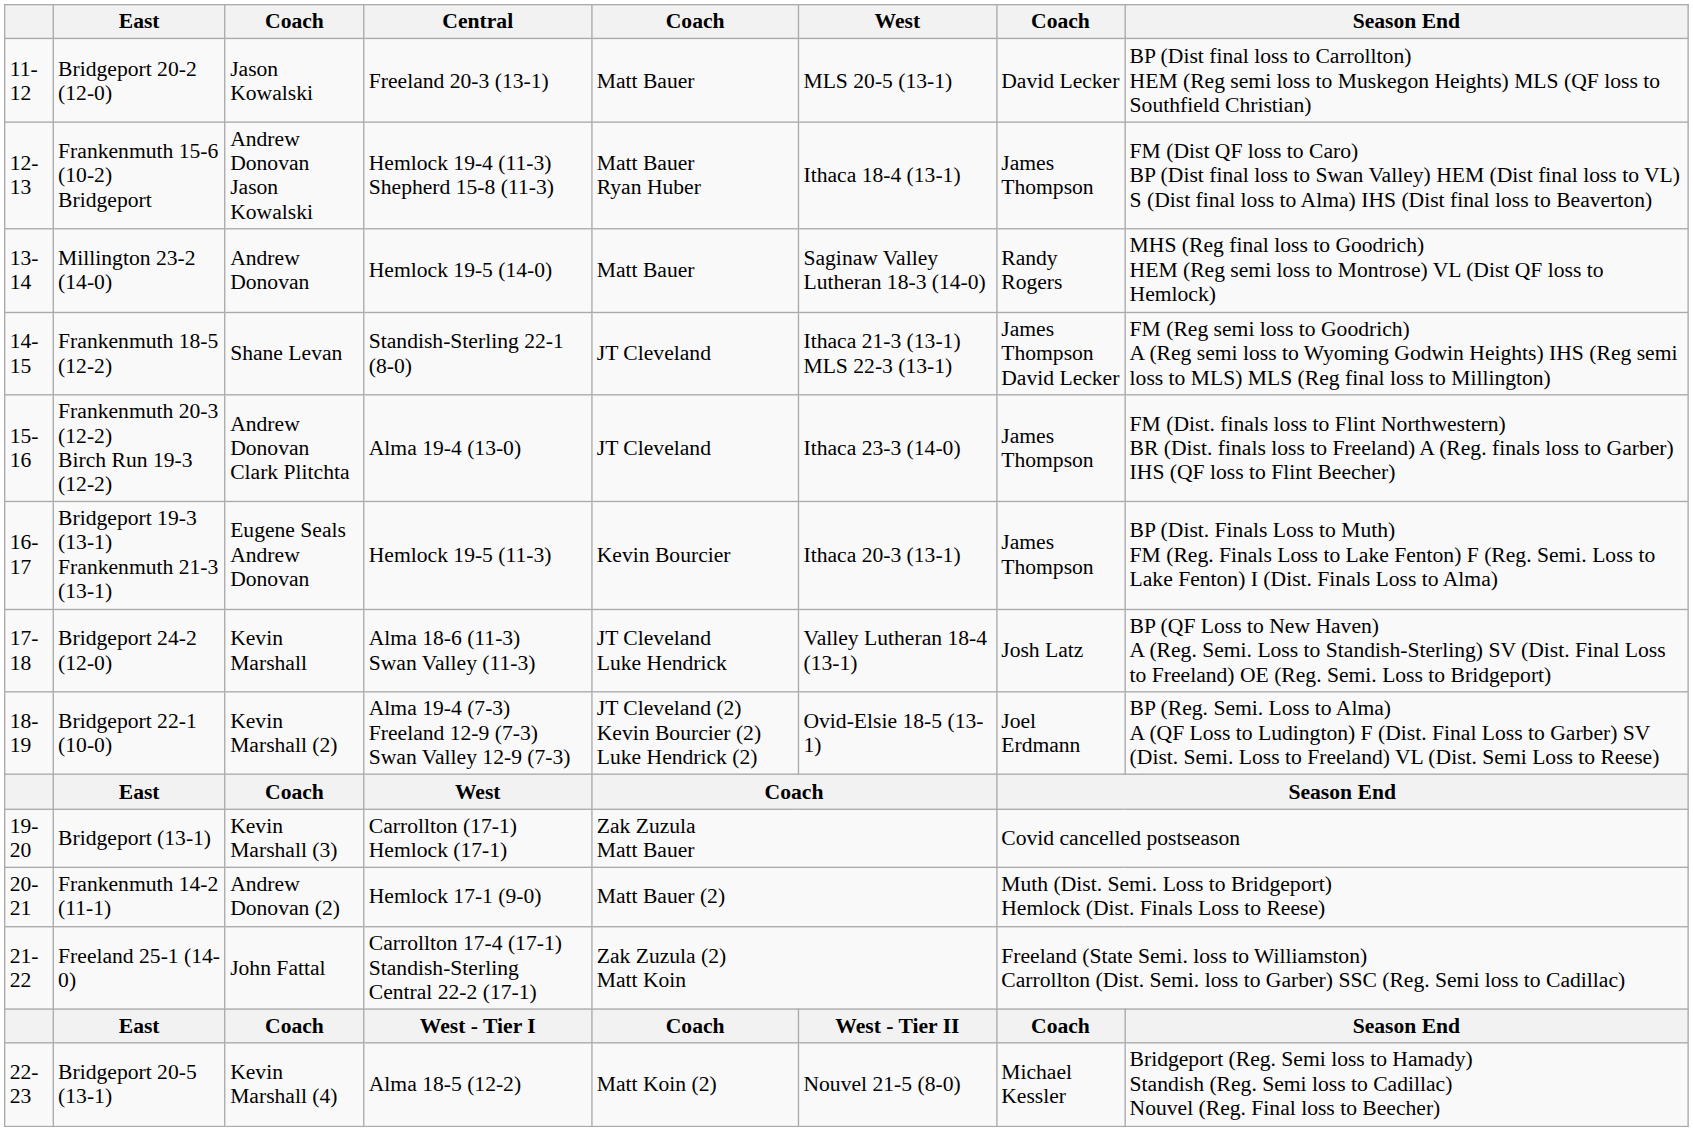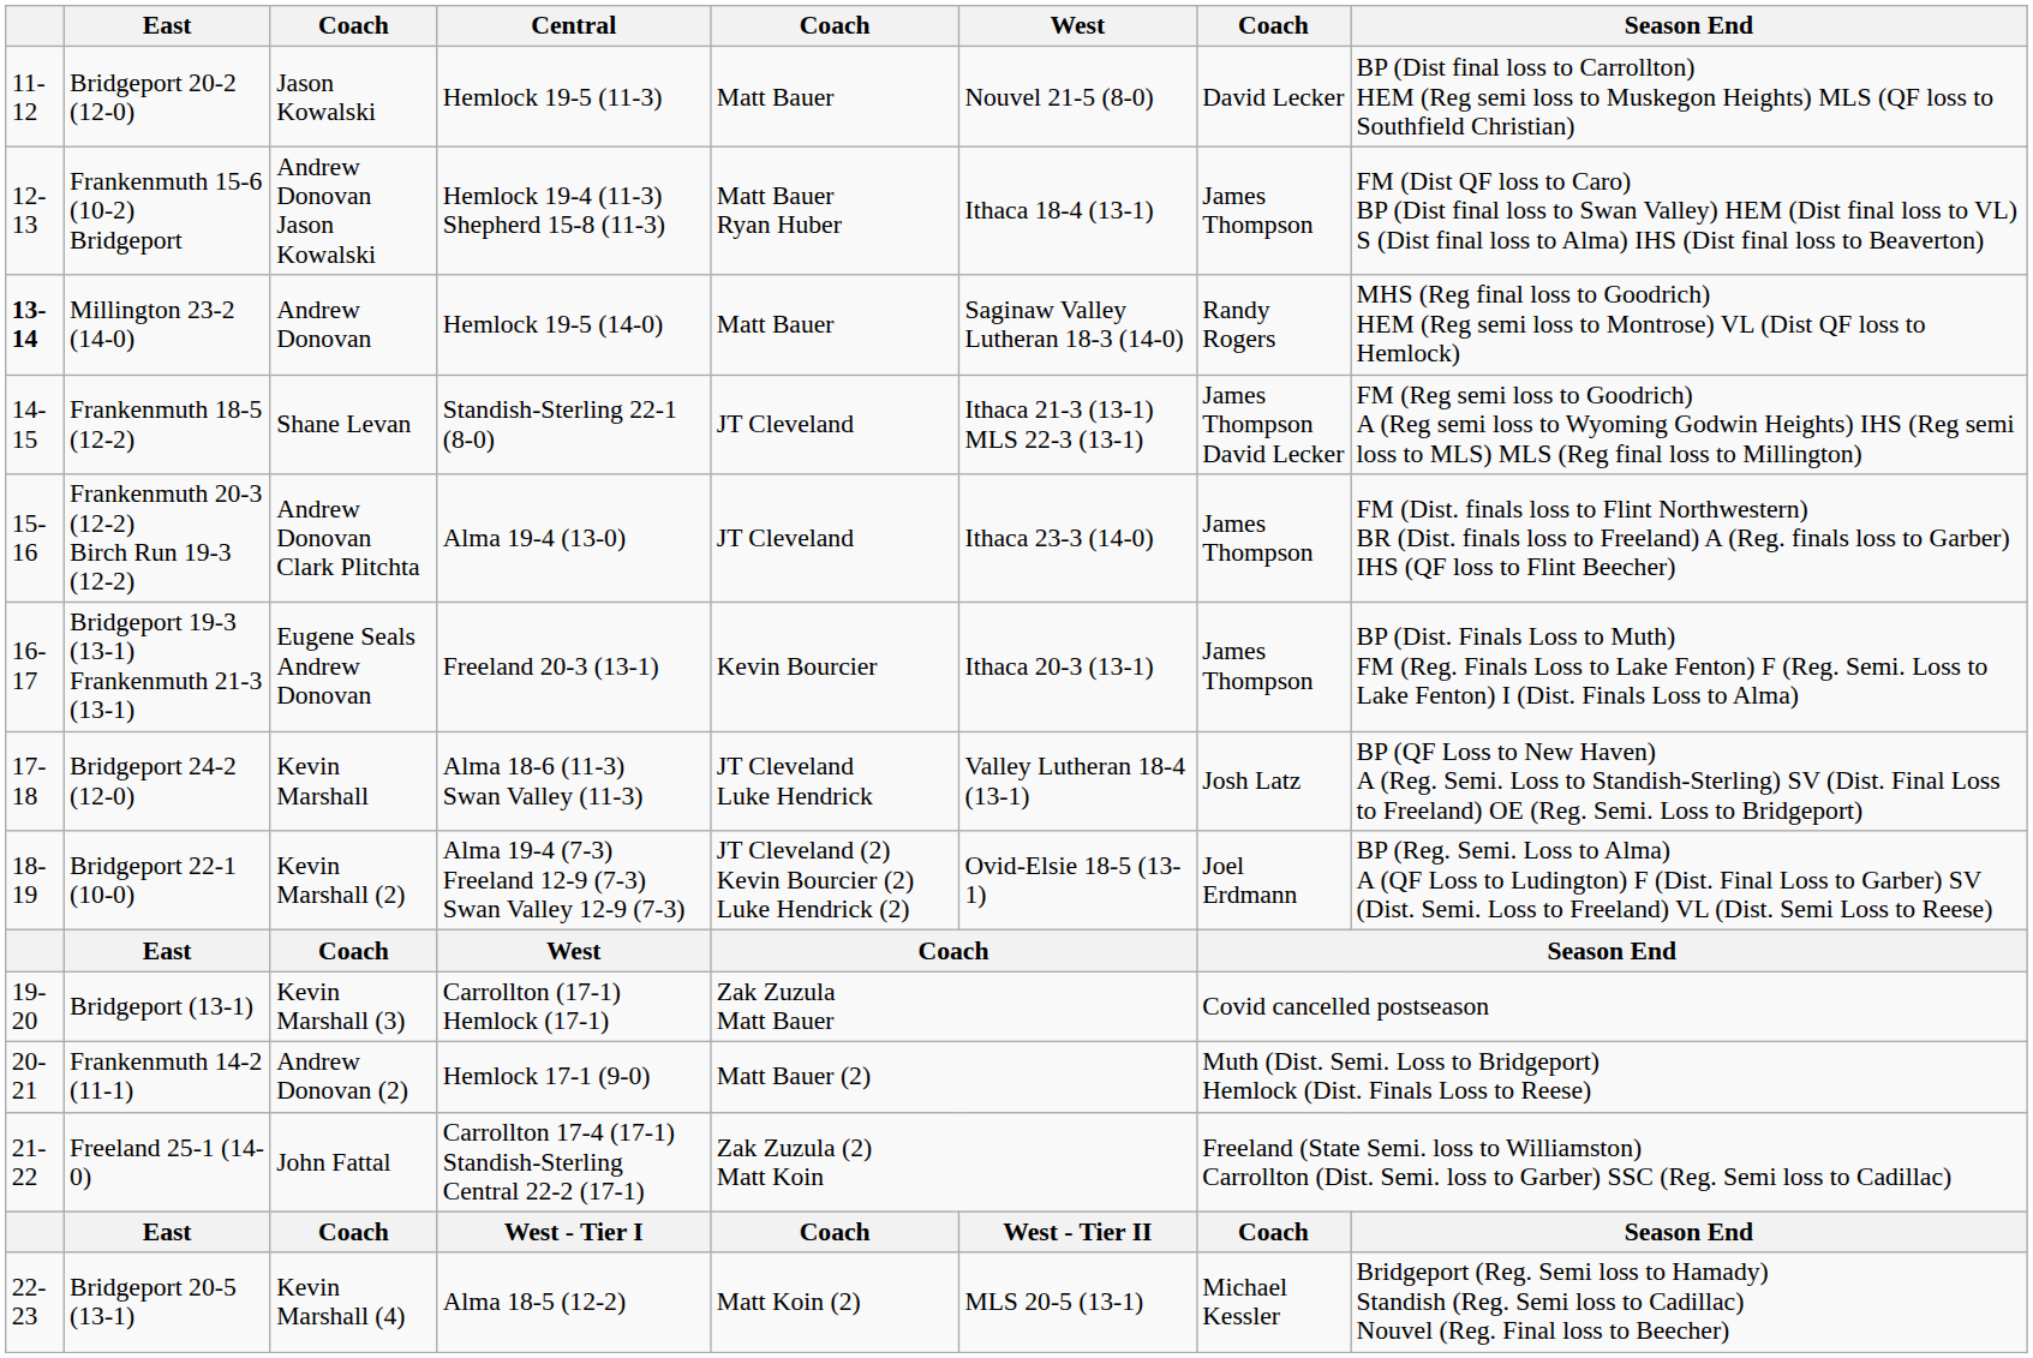 <table class="wikitable mw-collapsible mw-collapsed">
 <tr>
 <th></th>
 <th>East</th>
 <th>Coach</th>
 <th>Central</th>
 <th>Coach</th>
 <th>West</th>
 <th>Coach</th>
 <th>Season End</th>
 </tr>
 <tr>
 <td>11-12</td>
 <td>Bridgeport 20-2 (12-0)</td>
 <td>Jason Kowalski</td>
-<td>Freeland 20-3 (13-1)</td>
+<td>Hemlock 19-5 (11-3)</td>
 <td>Matt Bauer</td>
-<td>MLS 20-5 (13-1)</td>
+<td>Nouvel 21-5 (8-0)</td>
 <td>David Lecker</td>
 <td>BP (Dist final loss to Carrollton)<br>HEM (Reg semi loss to Muskegon Heights) MLS (QF loss to Southfield Christian)</td>
 </tr>
 <tr>
 <td>12-13</td>
 <td>Frankenmuth 15-6 (10-2)<br>Bridgeport</td>
 <td>Andrew Donovan<br>Jason Kowalski</td>
 <td>Hemlock 19-4 (11-3)<br>Shepherd 15-8 (11-3)</td>
 <td>Matt Bauer<br>Ryan Huber</td>
 <td>Ithaca 18-4 (13-1)</td>
 <td>James Thompson</td>
 <td>FM (Dist QF loss to Caro)<br>BP (Dist final loss to Swan Valley) HEM (Dist final loss to VL) S (Dist final loss to Alma) IHS (Dist final loss to Beaverton)</td>
 </tr>
 <tr>
-<td>13-14</td>
+<td><strong>13-14</strong></td>
 <td>Millington 23-2 (14-0)</td>
 <td>Andrew Donovan</td>
 <td>Hemlock 19-5 (14-0)</td>
 <td>Matt Bauer</td>
 <td>Saginaw Valley Lutheran 18-3 (14-0)</td>
 <td>Randy Rogers</td>
 <td>MHS (Reg final loss to Goodrich)<br>HEM (Reg semi loss to Montrose) VL (Dist QF loss to Hemlock)</td>
 </tr>
 <tr>
 <td>14-15</td>
 <td>Frankenmuth 18-5 (12-2)</td>
 <td>Shane Levan</td>
 <td>Standish-Sterling 22-1 (8-0)</td>
 <td>JT Cleveland</td>
 <td>Ithaca 21-3 (13-1)<br>MLS 22-3 (13-1)</td>
 <td>James Thompson<br>David Lecker</td>
 <td>FM (Reg semi loss to Goodrich)<br>A (Reg semi loss to Wyoming Godwin Heights) IHS (Reg semi loss to MLS) MLS (Reg final loss to Millington)</td>
 </tr>
 <tr>
 <td>15-16</td>
 <td>Frankenmuth 20-3 (12-2)<br>Birch Run 19-3 (12-2)</td>
 <td>Andrew Donovan<br>Clark Plitchta</td>
 <td>Alma 19-4 (13-0)</td>
 <td>JT Cleveland</td>
 <td>Ithaca 23-3 (14-0)</td>
 <td>James Thompson</td>
 <td>FM (Dist. finals loss to Flint Northwestern)<br>BR (Dist. finals loss to Freeland) A (Reg. finals loss to Garber) IHS (QF loss to Flint Beecher)</td>
 </tr>
 <tr>
 <td>16-17</td>
 <td>Bridgeport 19-3 (13-1)<br>Frankenmuth 21-3 (13-1)</td>
 <td>Eugene Seals<br>Andrew Donovan</td>
-<td>Hemlock 19-5 (11-3)</td>
+<td>Freeland 20-3 (13-1)</td>
 <td>Kevin Bourcier</td>
 <td>Ithaca 20-3 (13-1)</td>
 <td>James Thompson</td>
 <td>BP (Dist. Finals Loss to Muth)<br>FM (Reg. Finals Loss to Lake Fenton) F (Reg. Semi. Loss to Lake Fenton) I (Dist. Finals Loss to Alma)</td>
 </tr>
 <tr>
 <td>17-18</td>
 <td>Bridgeport 24-2 (12-0)</td>
 <td>Kevin Marshall</td>
 <td>Alma 18-6 (11-3)<br>Swan Valley (11-3)</td>
 <td>JT Cleveland<br>Luke Hendrick</td>
 <td>Valley Lutheran 18-4 (13-1)</td>
 <td>Josh Latz</td>
 <td>BP (QF Loss to New Haven)<br>A (Reg. Semi. Loss to Standish-Sterling) SV (Dist. Final Loss to Freeland) OE (Reg. Semi. Loss to Bridgeport)</td>
 </tr>
 <tr>
 <td>18-19</td>
 <td>Bridgeport 22-1 (10-0)</td>
 <td>Kevin Marshall (2)</td>
 <td>Alma 19-4 (7-3)<br>Freeland 12-9 (7-3) Swan Valley 12-9 (7-3)</td>
 <td>JT Cleveland (2)<br>Kevin Bourcier (2) Luke Hendrick (2)</td>
 <td>Ovid-Elsie 18-5 (13-1)</td>
 <td>Joel Erdmann</td>
 <td>BP (Reg. Semi. Loss to Alma)<br>A (QF Loss to Ludington) F (Dist. Final Loss to Garber) SV (Dist. Semi. Loss to Freeland) VL (Dist. Semi Loss to Reese)</td>
 </tr>
 <tr>
 <th></th>
 <th>East</th>
 <th>Coach</th>
 <th>West</th>
 <th colspan="2">Coach</th>
 <th colspan="2">Season End</th>
 </tr>
 <tr>
 <td>19-20</td>
 <td>Bridgeport (13-1)</td>
 <td>Kevin Marshall (3)</td>
 <td>Carrollton (17-1)<br>Hemlock (17-1)</td>
 <td colspan="2">Zak Zuzula<br>Matt Bauer</td>
 <td colspan="2">Covid cancelled postseason</td>
 </tr>
 <tr>
 <td>20-21</td>
 <td>Frankenmuth 14-2 (11-1)</td>
 <td>Andrew Donovan (2)</td>
 <td>Hemlock 17-1 (9-0)</td>
 <td colspan="2">Matt Bauer (2)</td>
 <td colspan="2">Muth (Dist. Semi. Loss to Bridgeport)<br>Hemlock (Dist. Finals Loss to Reese)</td>
 </tr>
 <tr>
 <td>21-22</td>
 <td>Freeland 25-1 (14-0)</td>
 <td>John Fattal</td>
 <td>Carrollton 17-4 (17-1)<br>Standish-Sterling Central 22-2 (17-1)</td>
 <td colspan="2">Zak Zuzula (2)<br>Matt Koin</td>
 <td colspan="2">Freeland (State Semi. loss to Williamston)<br>Carrollton (Dist. Semi. loss to Garber) SSC (Reg. Semi loss to Cadillac)</td>
 </tr>
 <tr>
 <th></th>
 <th>East</th>
 <th>Coach</th>
 <th>West - Tier I</th>
 <th>Coach</th>
 <th>West - Tier II</th>
 <th>Coach</th>
 <th>Season End</th>
 </tr>
 <tr>
 <td>22-23</td>
 <td>Bridgeport 20-5 (13-1)</td>
 <td>Kevin Marshall (4)</td>
 <td>Alma 18-5 (12-2)</td>
 <td>Matt Koin (2)</td>
-<td>Nouvel 21-5 (8-0)</td>
+<td>MLS 20-5 (13-1)</td>
 <td>Michael Kessler</td>
 <td>Bridgeport (Reg. Semi loss to Hamady)<br>Standish (Reg. Semi loss to Cadillac)<br>Nouvel (Reg. Final loss to Beecher)</td>
 </tr>
 </table>
